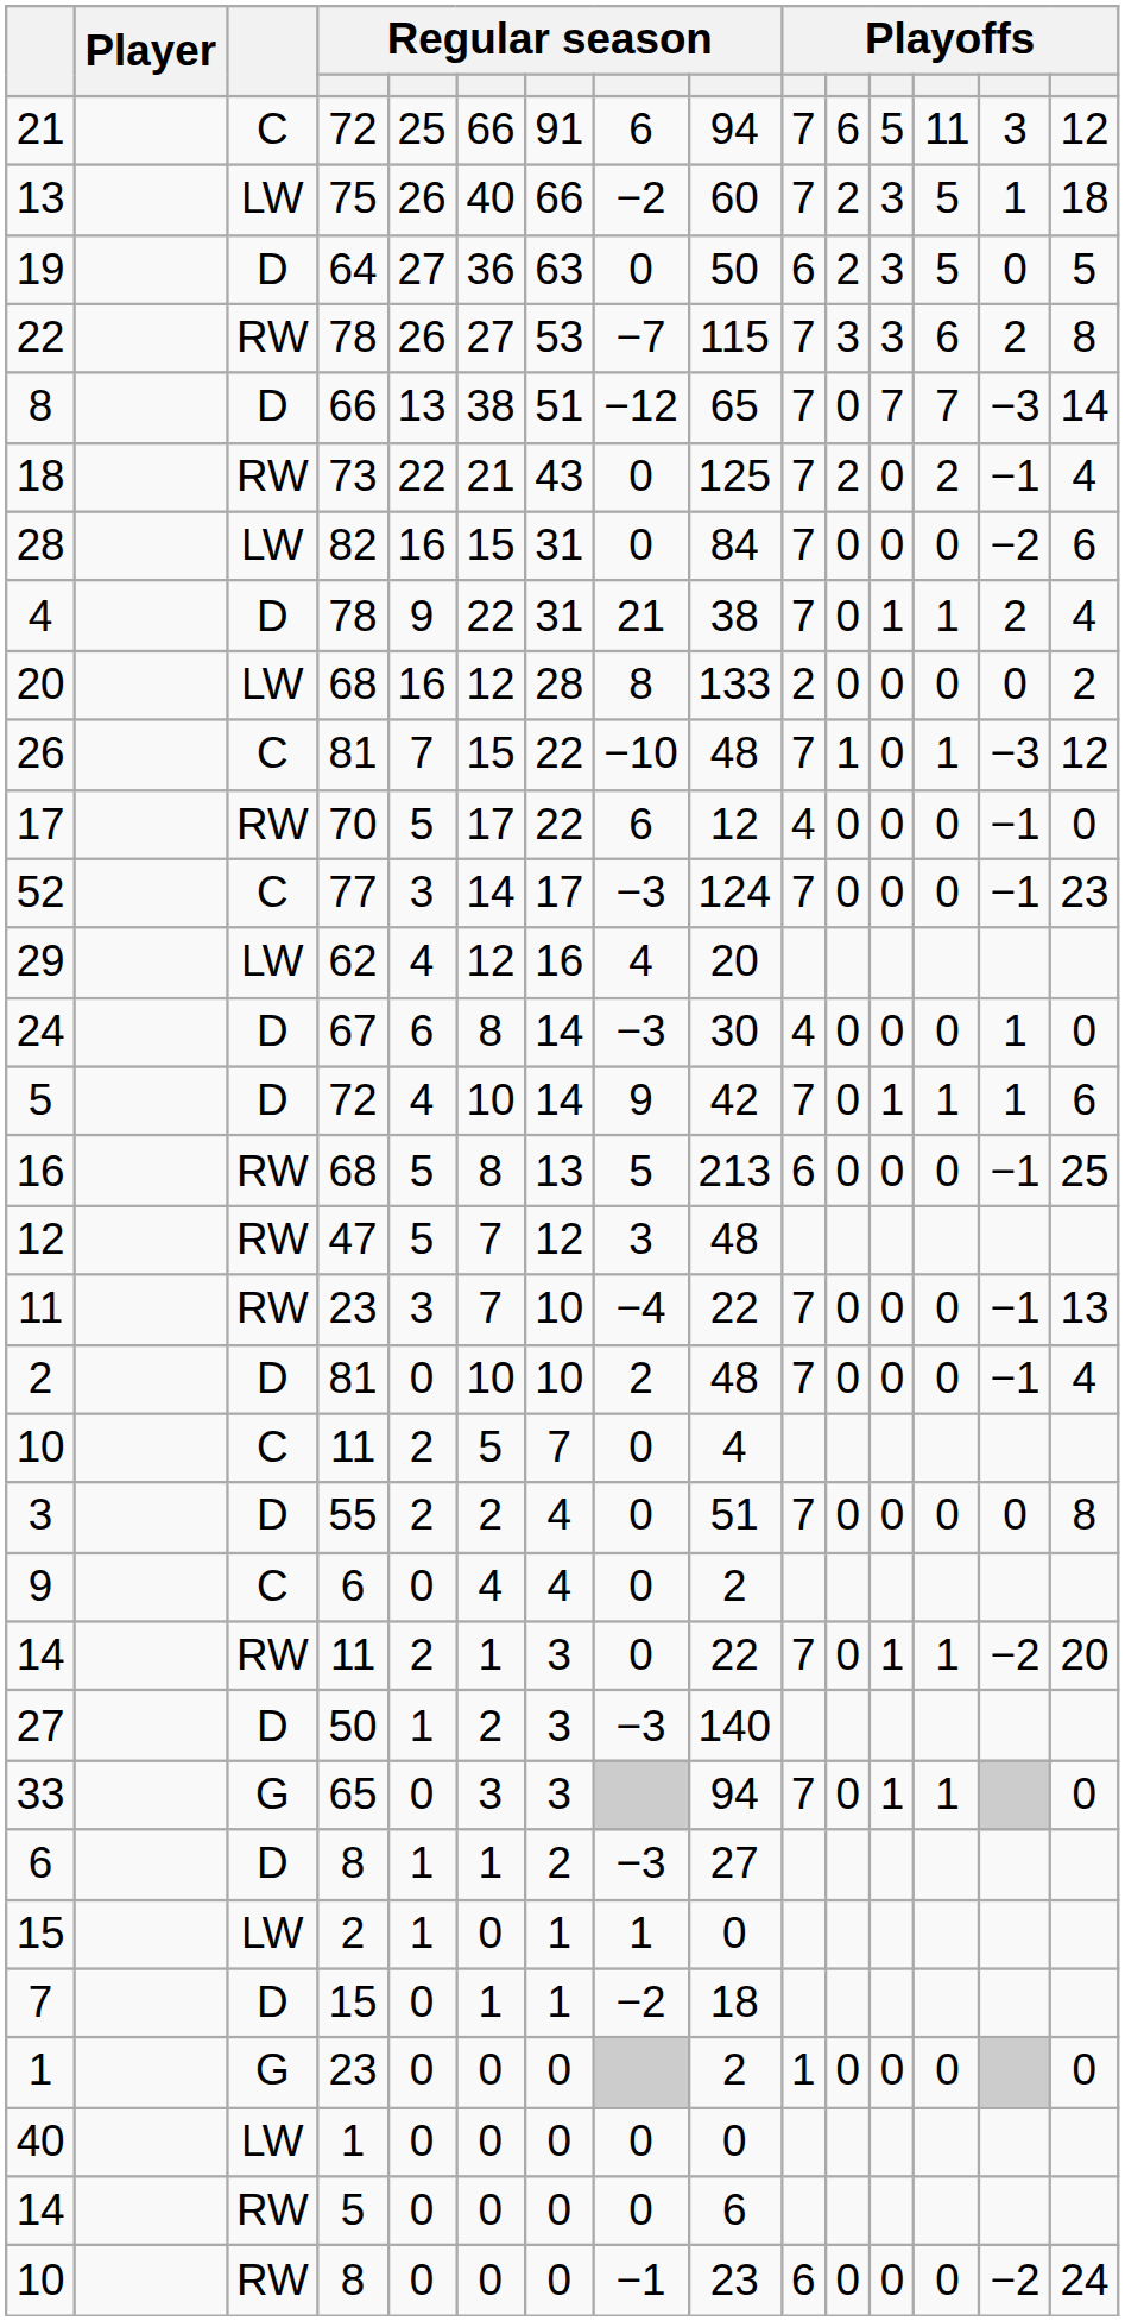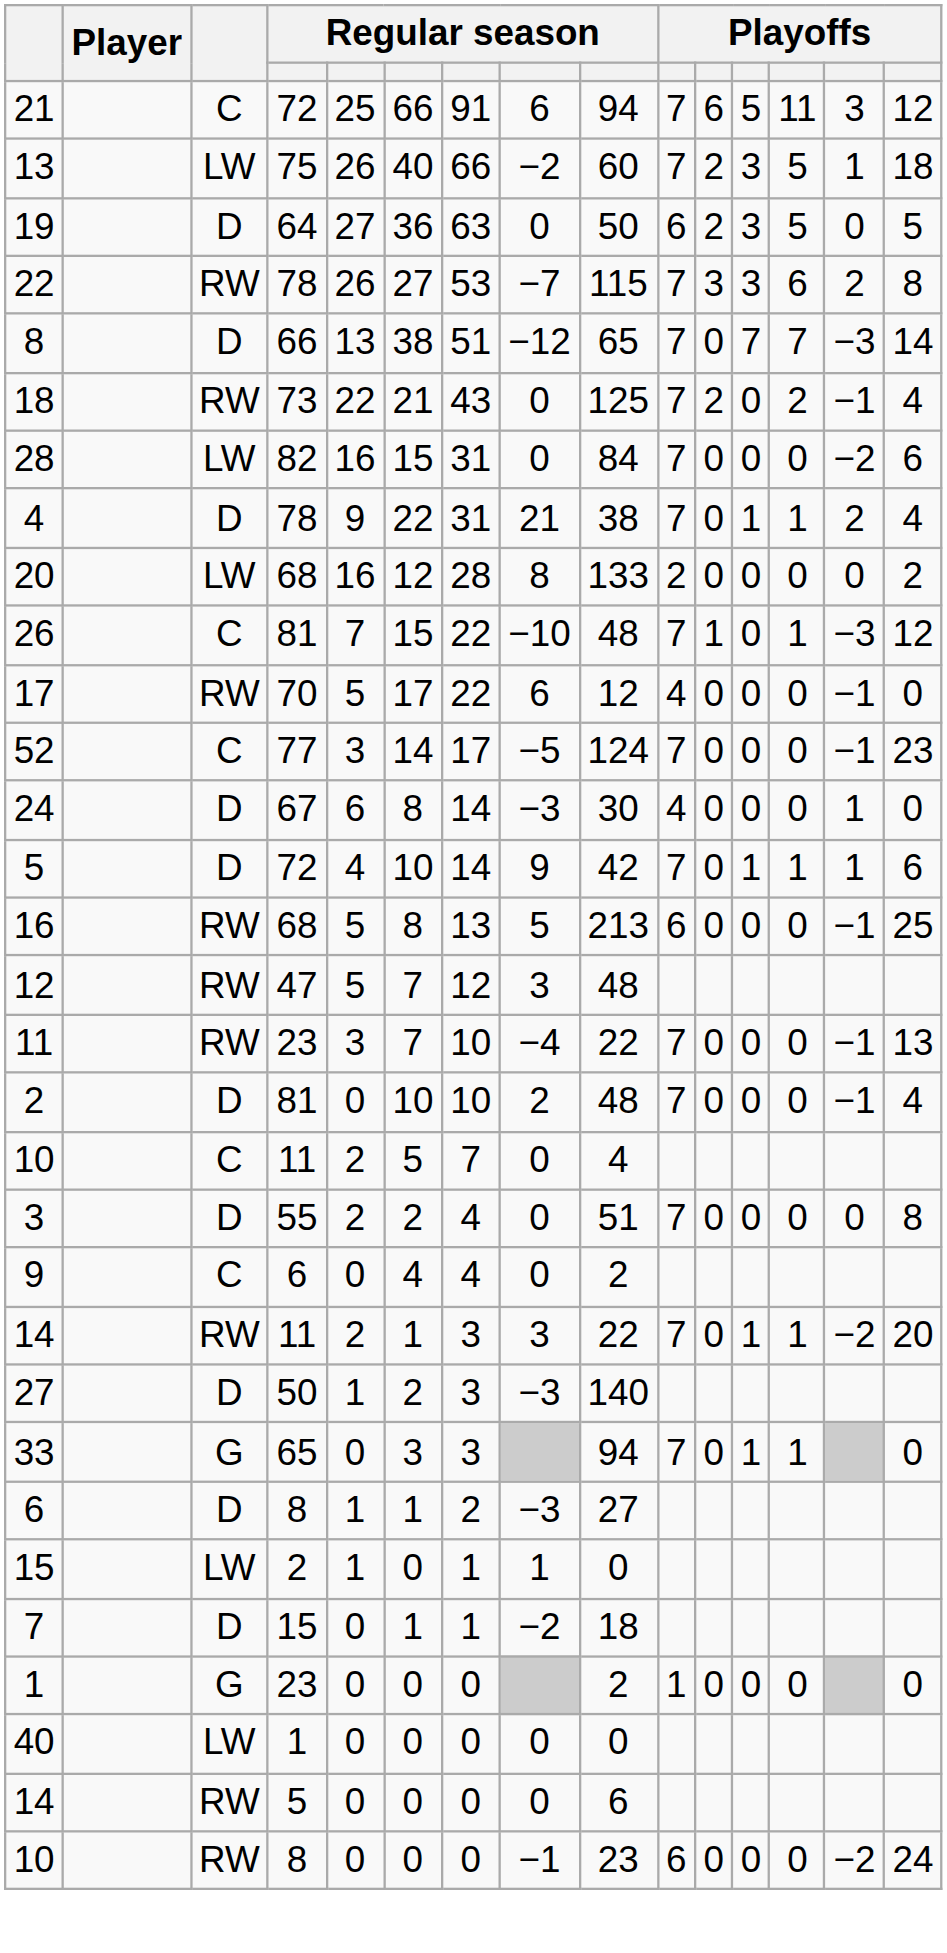 <table class="wikitable sortable plainrowheaders" style="text-align:center;">
 <tr>
 <th scope="col" data-sort-type="number" rowspan="2"></th>
 <th scope="col" rowspan="2">Player</th>
 <th scope="col" rowspan="2"></th>
 <th scope=colgroup colspan=6>Regular season</th>
 <th scope=colgroup colspan=6>Playoffs</th>
 </tr>
 <tr>
 <th scope="col" data-sort-type="number"></th>
 <th scope="col" data-sort-type="number"></th>
 <th scope="col" data-sort-type="number"></th>
 <th scope="col" data-sort-type="number"></th>
 <th scope="col" data-sort-type="number"></th>
 <th scope="col" data-sort-type="number"></th>
 <th scope="col" data-sort-type="number"></th>
 <th scope="col" data-sort-type="number"></th>
 <th scope="col" data-sort-type="number"></th>
 <th scope="col" data-sort-type="number"></th>
 <th scope="col" data-sort-type="number"></th>
 <th scope="col" data-sort-type="number"></th>
 </tr>
 <tr>
 <td scope="row">21</td>
 <td align="left"></td>
 <td>C</td>
 <td>72</td>
 <td>25</td>
 <td>66</td>
 <td>91</td>
 <td>6</td>
 <td>94</td>
 <td>7</td>
 <td>6</td>
 <td>5</td>
 <td>11</td>
 <td>3</td>
 <td>12</td>
 </tr>
 <tr>
 <td scope="row">13</td>
 <td align="left"></td>
 <td>LW</td>
 <td>75</td>
 <td>26</td>
 <td>40</td>
 <td>66</td>
 <td>−2</td>
 <td>60</td>
 <td>7</td>
 <td>2</td>
 <td>3</td>
 <td>5</td>
 <td>1</td>
 <td>18</td>
 </tr>
 <tr>
 <td scope="row">19</td>
 <td align="left"></td>
 <td>D</td>
 <td>64</td>
 <td>27</td>
 <td>36</td>
 <td>63</td>
 <td>0</td>
 <td>50</td>
 <td>6</td>
 <td>2</td>
 <td>3</td>
 <td>5</td>
 <td>0</td>
 <td>5</td>
 </tr>
 <tr>
 <td scope="row">22</td>
 <td align="left"></td>
 <td>RW</td>
 <td>78</td>
 <td>26</td>
 <td>27</td>
 <td>53</td>
 <td>−7</td>
 <td>115</td>
 <td>7</td>
 <td>3</td>
 <td>3</td>
 <td>6</td>
 <td>2</td>
 <td>8</td>
 </tr>
 <tr>
 <td scope="row">8</td>
 <td align="left"></td>
 <td>D</td>
 <td>66</td>
 <td>13</td>
 <td>38</td>
 <td>51</td>
 <td>−12</td>
 <td>65</td>
 <td>7</td>
 <td>0</td>
 <td>7</td>
 <td>7</td>
 <td>−3</td>
 <td>14</td>
 </tr>
 <tr>
 <td scope="row">18</td>
 <td align="left"></td>
 <td>RW</td>
 <td>73</td>
 <td>22</td>
 <td>21</td>
 <td>43</td>
 <td>0</td>
 <td>125</td>
 <td>7</td>
 <td>2</td>
 <td>0</td>
 <td>2</td>
 <td>−1</td>
 <td>4</td>
 </tr>
 <tr>
 <td scope="row">28</td>
 <td align="left"></td>
 <td>LW</td>
 <td>82</td>
 <td>16</td>
 <td>15</td>
 <td>31</td>
 <td>0</td>
 <td>84</td>
 <td>7</td>
 <td>0</td>
 <td>0</td>
 <td>0</td>
 <td>−2</td>
 <td>6</td>
 </tr>
 <tr>
 <td scope="row">4</td>
 <td align="left"></td>
 <td>D</td>
 <td>78</td>
 <td>9</td>
 <td>22</td>
 <td>31</td>
 <td>21</td>
 <td>38</td>
 <td>7</td>
 <td>0</td>
 <td>1</td>
 <td>1</td>
 <td>2</td>
 <td>4</td>
 </tr>
 <tr>
 <td scope="row">20</td>
 <td align="left"></td>
 <td>LW</td>
 <td>68</td>
 <td>16</td>
 <td>12</td>
 <td>28</td>
 <td>8</td>
 <td>133</td>
 <td>2</td>
 <td>0</td>
 <td>0</td>
 <td>0</td>
 <td>0</td>
 <td>2</td>
 </tr>
 <tr>
 <td scope="row">26</td>
 <td align="left"></td>
 <td>C</td>
 <td>81</td>
 <td>7</td>
 <td>15</td>
 <td>22</td>
 <td>−10</td>
 <td>48</td>
 <td>7</td>
 <td>1</td>
 <td>0</td>
 <td>1</td>
 <td>−3</td>
 <td>12</td>
 </tr>
 <tr>
 <td scope="row">17</td>
 <td align="left"></td>
 <td>RW</td>
 <td>70</td>
 <td>5</td>
 <td>17</td>
 <td>22</td>
 <td>6</td>
 <td>12</td>
 <td>4</td>
 <td>0</td>
 <td>0</td>
 <td>0</td>
 <td>−1</td>
 <td>0</td>
 </tr>
 <tr>
 <td scope="row">52</td>
 <td align="left"></td>
 <td>C</td>
 <td>77</td>
 <td>3</td>
 <td>14</td>
 <td>17</td>
-<td>−3</td>
+<td>−5</td>
 <td>124</td>
 <td>7</td>
 <td>0</td>
 <td>0</td>
 <td>0</td>
 <td>−1</td>
 <td>23</td>
-</tr>
-<tr>
-<td scope="row">29</td>
-<td align="left"></td>
-<td>LW</td>
-<td>62</td>
-<td>4</td>
-<td>12</td>
-<td>16</td>
-<td>4</td>
-<td>20</td>
-<td></td>
-<td></td>
-<td></td>
-<td></td>
-<td></td>
-<td></td>
 </tr>
 <tr>
 <td scope="row">24</td>
 <td align="left"></td>
 <td>D</td>
 <td>67</td>
 <td>6</td>
 <td>8</td>
 <td>14</td>
 <td>−3</td>
 <td>30</td>
 <td>4</td>
 <td>0</td>
 <td>0</td>
 <td>0</td>
 <td>1</td>
 <td>0</td>
 </tr>
 <tr>
 <td scope="row">5</td>
 <td align="left"></td>
 <td>D</td>
 <td>72</td>
 <td>4</td>
 <td>10</td>
 <td>14</td>
 <td>9</td>
 <td>42</td>
 <td>7</td>
 <td>0</td>
 <td>1</td>
 <td>1</td>
 <td>1</td>
 <td>6</td>
 </tr>
 <tr>
 <td scope="row">16</td>
 <td align="left"></td>
 <td>RW</td>
 <td>68</td>
 <td>5</td>
 <td>8</td>
 <td>13</td>
 <td>5</td>
 <td>213</td>
 <td>6</td>
 <td>0</td>
 <td>0</td>
 <td>0</td>
 <td>−1</td>
 <td>25</td>
 </tr>
 <tr>
 <td scope="row">12</td>
 <td align="left"></td>
 <td>RW</td>
 <td>47</td>
 <td>5</td>
 <td>7</td>
 <td>12</td>
 <td>3</td>
 <td>48</td>
 <td></td>
 <td></td>
 <td></td>
 <td></td>
 <td></td>
 <td></td>
 </tr>
 <tr>
 <td scope="row">11</td>
 <td align="left"></td>
 <td>RW</td>
 <td>23</td>
 <td>3</td>
 <td>7</td>
 <td>10</td>
 <td>−4</td>
 <td>22</td>
 <td>7</td>
 <td>0</td>
 <td>0</td>
 <td>0</td>
 <td>−1</td>
 <td>13</td>
 </tr>
 <tr>
 <td scope="row">2</td>
 <td align="left"></td>
 <td>D</td>
 <td>81</td>
 <td>0</td>
 <td>10</td>
 <td>10</td>
 <td>2</td>
 <td>48</td>
 <td>7</td>
 <td>0</td>
 <td>0</td>
 <td>0</td>
 <td>−1</td>
 <td>4</td>
 </tr>
 <tr>
 <td scope="row">10</td>
 <td align="left"></td>
 <td>C</td>
 <td>11</td>
 <td>2</td>
 <td>5</td>
 <td>7</td>
 <td>0</td>
 <td>4</td>
 <td></td>
 <td></td>
 <td></td>
 <td></td>
 <td></td>
 <td></td>
 </tr>
 <tr>
 <td scope="row">3</td>
 <td align="left"></td>
 <td>D</td>
 <td>55</td>
 <td>2</td>
 <td>2</td>
 <td>4</td>
 <td>0</td>
 <td>51</td>
 <td>7</td>
 <td>0</td>
 <td>0</td>
 <td>0</td>
 <td>0</td>
 <td>8</td>
 </tr>
 <tr>
 <td scope="row">9</td>
 <td align="left"></td>
 <td>C</td>
 <td>6</td>
 <td>0</td>
 <td>4</td>
 <td>4</td>
 <td>0</td>
 <td>2</td>
 <td></td>
 <td></td>
 <td></td>
 <td></td>
 <td></td>
 <td></td>
 </tr>
 <tr>
 <td scope="row">14</td>
 <td align="left"></td>
 <td>RW</td>
 <td>11</td>
 <td>2</td>
 <td>1</td>
 <td>3</td>
-<td>0</td>
+<td>3</td>
 <td>22</td>
 <td>7</td>
 <td>0</td>
 <td>1</td>
 <td>1</td>
 <td>−2</td>
 <td>20</td>
 </tr>
 <tr>
 <td scope="row">27</td>
 <td align="left"></td>
 <td>D</td>
 <td>50</td>
 <td>1</td>
 <td>2</td>
 <td>3</td>
 <td>−3</td>
 <td>140</td>
 <td></td>
 <td></td>
 <td></td>
 <td></td>
 <td></td>
 <td></td>
 </tr>
 <tr>
 <td scope="row">33</td>
 <td align="left"></td>
 <td>G</td>
 <td>65</td>
 <td>0</td>
 <td>3</td>
 <td>3</td>
 <td style="background:#ccc"></td>
 <td>94</td>
 <td>7</td>
 <td>0</td>
 <td>1</td>
 <td>1</td>
 <td style="background:#ccc"></td>
 <td>0</td>
 </tr>
 <tr>
 <td scope="row">6</td>
 <td align="left"></td>
 <td>D</td>
 <td>8</td>
 <td>1</td>
 <td>1</td>
 <td>2</td>
 <td>−3</td>
 <td>27</td>
 <td></td>
 <td></td>
 <td></td>
 <td></td>
 <td></td>
 <td></td>
 </tr>
 <tr>
 <td scope="row">15</td>
 <td align="left"></td>
 <td>LW</td>
 <td>2</td>
 <td>1</td>
 <td>0</td>
 <td>1</td>
 <td>1</td>
 <td>0</td>
 <td></td>
 <td></td>
 <td></td>
 <td></td>
 <td></td>
 <td></td>
 </tr>
 <tr>
 <td scope="row">7</td>
 <td align="left"></td>
 <td>D</td>
 <td>15</td>
 <td>0</td>
 <td>1</td>
 <td>1</td>
 <td>−2</td>
 <td>18</td>
 <td></td>
 <td></td>
 <td></td>
 <td></td>
 <td></td>
 <td></td>
 </tr>
 <tr>
 <td scope="row">1</td>
 <td align="left"></td>
 <td>G</td>
 <td>23</td>
 <td>0</td>
 <td>0</td>
 <td>0</td>
 <td style="background:#ccc"></td>
 <td>2</td>
 <td>1</td>
 <td>0</td>
 <td>0</td>
 <td>0</td>
 <td style="background:#ccc"></td>
 <td>0</td>
 </tr>
 <tr>
 <td scope="row">40</td>
 <td align="left"></td>
 <td>LW</td>
 <td>1</td>
 <td>0</td>
 <td>0</td>
 <td>0</td>
 <td>0</td>
 <td>0</td>
 <td></td>
 <td></td>
 <td></td>
 <td></td>
 <td></td>
 <td></td>
 </tr>
 <tr>
 <td scope="row">14</td>
 <td align="left"></td>
 <td>RW</td>
 <td>5</td>
 <td>0</td>
 <td>0</td>
 <td>0</td>
 <td>0</td>
 <td>6</td>
 <td></td>
 <td></td>
 <td></td>
 <td></td>
 <td></td>
 <td></td>
 </tr>
 <tr>
 <td scope="row">10</td>
 <td align="left"></td>
 <td>RW</td>
 <td>8</td>
 <td>0</td>
 <td>0</td>
 <td>0</td>
 <td>−1</td>
 <td>23</td>
 <td>6</td>
 <td>0</td>
 <td>0</td>
 <td>0</td>
 <td>−2</td>
 <td>24</td>
 </tr>
 </table>
